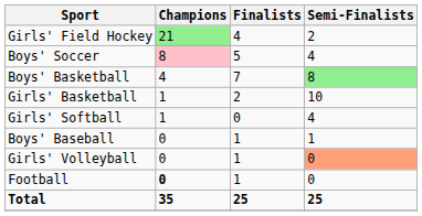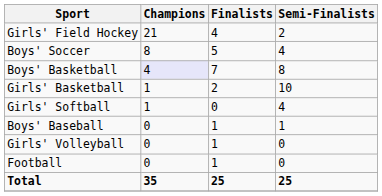 <table class="wikitable mw-collapsible mw-collapsed">
 <tr>
 <th>Sport</th>
 <th>Champions</th>
 <th>Finalists</th>
 <th>Semi-Finalists</th>
 </tr>
 <tr>
 <td>Girls' Field Hockey</td>
-<td style="background: lightgreen;">21</td>
+<td>21</td>
 <td>4</td>
 <td>2</td>
 </tr>
 <tr>
 <td>Boys' Soccer</td>
-<td style="background: pink;">8</td>
+<td>8</td>
 <td>5</td>
 <td>4</td>
 </tr>
 <tr>
 <td>Boys' Basketball</td>
-<td>4</td>
+<td style="background: lavender;">4</td>
 <td>7</td>
-<td style="background: lightgreen;">8</td>
+<td>8</td>
 </tr>
 <tr>
 <td>Girls' Basketball</td>
 <td>1</td>
 <td>2</td>
 <td>10</td>
 </tr>
 <tr>
 <td>Girls' Softball</td>
 <td>1</td>
 <td>0</td>
 <td>4</td>
 </tr>
 <tr>
 <td>Boys' Baseball</td>
 <td>0</td>
 <td>1</td>
 <td>1</td>
 </tr>
 <tr>
 <td>Girls' Volleyball</td>
 <td>0</td>
 <td>1</td>
-<td style="background: lightsalmon;">0</td>
+<td>0</td>
 </tr>
 <tr>
 <td>Football</td>
-<td><strong>0</strong></td>
+<td>0</td>
 <td>1</td>
 <td>0</td>
 </tr>
 <tr>
 <td><strong>Total</strong></td>
 <td><strong>35</strong></td>
 <td><strong>25</strong></td>
 <td><strong>25</strong></td>
 </tr>
 <tr>
 </tr>
 </table>
